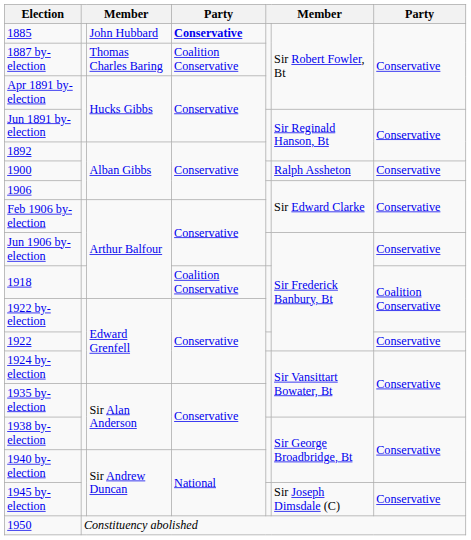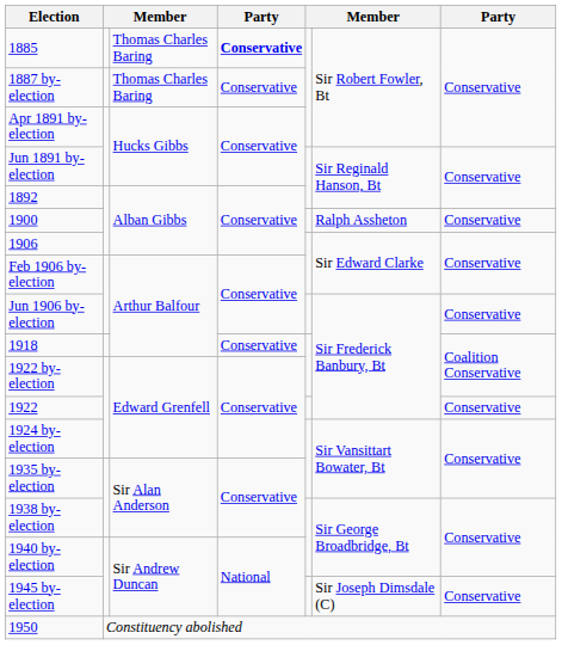 <table class="wikitable">
 <tr>
 <th>Election</th>
 <th colspan="2">Member</th>
 <th>Party</th>
 <th colspan="2">Member</th>
 <th>Party</th>
 </tr>
 <tr>
 <td><a href='#'>1885</a></td>
 <td style="color:inherit;background-color: "></td>
-<td><a href='#'>John Hubbard</a></td>
+<td><a href='#'>Thomas Charles Baring</a></td>
 <td><strong><a href='#'>Conservative</a></strong></td>
 <td rowspan="3" style="color:inherit;background-color: "></td>
 <td rowspan="3">Sir <a href='#'>Robert Fowler</a>, Bt</td>
 <td rowspan="3"><a href='#'>Conservative</a></td>
 </tr>
 <tr>
 <td><a href='#'>1887 by-election</a></td>
 <td style="color:inherit;background-color: "></td>
 <td><a href='#'>Thomas Charles Baring</a></td>
-<td><a href='#'>Coalition Conservative</a></td>
+<td><a href='#'>Conservative</a></td>
 </tr>
 <tr>
 <td><a href='#'>Apr 1891 by-election</a></td>
 <td rowspan="2" style="color:inherit;background-color: "></td>
 <td rowspan="2"><a href='#'>Hucks Gibbs</a></td>
 <td rowspan="2"><a href='#'>Conservative</a></td>
 </tr>
 <tr>
 <td><a href='#'>Jun 1891 by-election</a></td>
 <td rowspan="2" style="color:inherit;background-color: "></td>
 <td rowspan="2"><a href='#'>Sir Reginald Hanson, Bt</a></td>
 <td rowspan="2"><a href='#'>Conservative</a></td>
 </tr>
 <tr>
 <td><a href='#'>1892</a></td>
 <td rowspan="3" style="color:inherit;background-color: "></td>
 <td rowspan="3"><a href='#'>Alban Gibbs</a></td>
 <td rowspan="3"><a href='#'>Conservative</a></td>
 </tr>
 <tr>
 <td><a href='#'>1900</a></td>
 <td style="color:inherit;background-color: "></td>
 <td><a href='#'>Ralph Assheton</a></td>
 <td><a href='#'>Conservative</a></td>
 </tr>
 <tr>
 <td><a href='#'>1906</a></td>
 <td rowspan="2" style="color:inherit;background-color: "></td>
 <td rowspan="2">Sir <a href='#'>Edward Clarke</a></td>
 <td rowspan="2"><a href='#'>Conservative</a></td>
 </tr>
 <tr>
 <td><a href='#'>Feb 1906 by-election</a></td>
 <td rowspan="2" style="color:inherit;background-color: "></td>
 <td rowspan="3"><a href='#'>Arthur Balfour</a></td>
 <td rowspan="2"><a href='#'>Conservative</a></td>
 </tr>
 <tr>
 <td><a href='#'>Jun 1906 by-election</a></td>
 <td style="color:inherit;background-color: "></td>
 <td rowspan="4"><a href='#'>Sir Frederick Banbury, Bt</a></td>
 <td><a href='#'>Conservative</a></td>
 </tr>
 <tr>
 <td><a href='#'>1918</a></td>
 <td style="color:inherit;background-color: "></td>
-<td><a href='#'>Coalition Conservative</a></td>
+<td><a href='#'>Conservative</a></td>
 <td rowspan="2" style="color:inherit;background-color: "></td>
 <td rowspan="2"><a href='#'>Coalition Conservative</a></td>
 </tr>
 <tr>
 <td><a href='#'>1922 by-election</a></td>
 <td rowspan="3" style="color:inherit;background-color: "></td>
 <td rowspan="3"><a href='#'>Edward Grenfell</a></td>
 <td rowspan="3"><a href='#'>Conservative</a></td>
 </tr>
 <tr>
 <td><a href='#'>1922</a></td>
 <td style="color:inherit;background-color: "></td>
 <td><a href='#'>Conservative</a></td>
 </tr>
 <tr>
 <td><a href='#'>1924 by-election</a></td>
 <td rowspan="2" style="color:inherit;background-color: "></td>
 <td rowspan="2"><a href='#'>Sir Vansittart Bowater, Bt</a></td>
 <td rowspan="2"><a href='#'>Conservative</a></td>
 </tr>
 <tr>
 <td><a href='#'>1935 by-election</a></td>
 <td rowspan="2" style="color:inherit;background-color: "></td>
 <td rowspan="2">Sir <a href='#'>Alan Anderson</a></td>
 <td rowspan="2"><a href='#'>Conservative</a></td>
 </tr>
 <tr>
 <td><a href='#'>1938 by-election</a></td>
 <td rowspan="2" style="color:inherit;background-color: "></td>
 <td rowspan="2"><a href='#'>Sir George Broadbridge, Bt</a></td>
 <td rowspan="2"><a href='#'>Conservative</a></td>
 </tr>
 <tr>
 <td><a href='#'>1940 by-election</a></td>
 <td rowspan="2" style="color:inherit;background-color: "></td>
 <td rowspan="2">Sir <a href='#'>Andrew Duncan</a></td>
 <td rowspan="2"><a href='#'>National</a></td>
 </tr>
 <tr>
 <td><a href='#'>1945 by-election</a></td>
 <td style="color:inherit;background-color: "></td>
 <td>Sir <a href='#'>Joseph Dimsdale</a> (C)</td>
 <td><a href='#'>Conservative</a></td>
 </tr>
 <tr>
 <td><a href='#'>1950</a></td>
 <td colspan="6"><em>Constituency abolished</em></td>
 </tr>
 </table>
